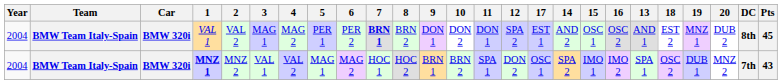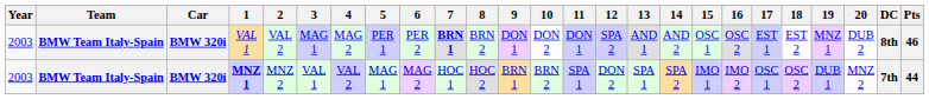 <table class="wikitable" style="text-align:center; font-size:85%">
 <tr>
 <th>Year</th>
 <th>Team</th>
 <th>Car</th>
 <th>1</th>
 <th>2</th>
 <th>3</th>
 <th>4</th>
 <th>5</th>
 <th>6</th>
 <th>7</th>
 <th>8</th>
 <th>9</th>
 <th>10</th>
 <th>11</th>
 <th>12</th>
-<th>17</th>
+<th>13</th>
 <th>14</th>
 <th>15</th>
 <th>16</th>
-<th>13</th>
+<th>17</th>
 <th>18</th>
 <th>19</th>
 <th>20</th>
 <th>DC</th>
 <th>Pts</th>
 </tr>
 <tr>
-<td><a href='#'>2004</a></td>
+<td><a href='#'>2003</a></td>
 <th nowrap><a href='#'>BMW Team Italy-Spain</a></th>
 <th nowrap><a href='#'>BMW 320i</a></th>
 <td style="background:#ffdf9f;"><em><a href='#'>VAL<br>1</a></em><br></td>
 <td style="background:#dfffdf;"><a href='#'>VAL<br>2</a><br></td>
 <td style="background:#cfcfff;"><a href='#'>MAG<br>1</a><br></td>
 <td style="background:#dfffdf;"><a href='#'>MAG<br>2</a><br></td>
 <td style="background:#cfcfff;"><a href='#'>PER<br>1</a><br></td>
 <td style="background:#dfffdf;"><a href='#'>PER<br>2</a><br></td>
 <td style="background:#dfdfdf;"><strong><a href='#'>BRN<br>1</a></strong><br></td>
 <td style="background:#dfffdf;"><a href='#'>BRN<br>2</a><br></td>
 <td style="background:#efcfff;"><a href='#'>DON<br>1</a><br></td>
 <td style="background:#ffffff;"><a href='#'>DON<br>2</a><br></td>
 <td style="background:#cfcfff;"><a href='#'>DON<br>1</a><br></td>
 <td style="background:#cfcfff;"><a href='#'>SPA<br>2</a><br></td>
-<td style="background:#cfcfff;"><a href='#'>EST<br>1</a><br></td>
+<td style="background:#dfdfdf;"><a href='#'>AND<br>1</a><br></td>
 <td style="background:#dfffdf;"><a href='#'>AND<br>2</a><br></td>
 <td style="background:#dfffdf;"><a href='#'>OSC<br>1</a><br></td>
 <td style="background:#dfdfdf;"><a href='#'>OSC<br>2</a><br></td>
-<td style="background:#dfdfdf;"><a href='#'>AND<br>1</a><br></td>
+<td style="background:#cfcfff;"><a href='#'>EST<br>1</a><br></td>
 <td style="background:#ffffff;"><a href='#'>EST<br>2</a><br></td>
 <td style="background:#efcfff;"><a href='#'>MNZ<br>1</a><br></td>
 <td style="background:#ffffff;"><a href='#'>DUB<br>2</a><br></td>
 <th>8th</th>
-<th>45</th>
+<th>46</th>
 </tr>
 <tr>
-<td><a href='#'>2004</a></td>
+<td><a href='#'>2003</a></td>
 <th nowrap><a href='#'>BMW Team Italy-Spain</a></th>
 <th nowrap><a href='#'>BMW 320i</a></th>
 <td style="background:#cfcfff;"><strong><a href='#'>MNZ<br>1</a><br></strong></td>
 <td style="background:#dfffdf;"><a href='#'>MNZ<br>2</a><br></td>
 <td style="background:#dfffdf;"><a href='#'>VAL<br>1</a><br></td>
 <td style="background:#cfcfff;"><a href='#'>VAL<br>2</a><br></td>
 <td style="background:#dfffdf;"><a href='#'>MAG<br>1</a><br></td>
 <td style="background:#efcfff;"><a href='#'>MAG<br>2</a><br></td>
 <td style="background:#dfffdf;"><a href='#'>HOC<br>1</a><br></td>
 <td style="background:#dfdfdf;"><a href='#'>HOC<br>2</a><br></td>
 <td style="background:#ffdf9f;"><a href='#'>BRN<br>1</a><br></td>
 <td style="background:#dfffdf;"><a href='#'>BRN<br>2</a><br></td>
 <td style="background:#cfcfff;"><a href='#'>SPA<br>1</a><br></td>
 <td style="background:#dfffdf;"><a href='#'>DON<br>2</a><br></td>
-<td style="background:#cfcfff;"><a href='#'>OSC<br>1</a><br></td>
+<td style="background:#dfffdf;"><a href='#'>SPA<br>1</a><br></td>
 <td style="background:#ffdf9f;"><a href='#'>SPA<br>2</a><br></td>
 <td style="background:#cfcfff;"><a href='#'>IMO<br>1</a><br></td>
 <td style="background:#efcfff;"><a href='#'>IMO<br>2</a><br></td>
-<td style="background:#dfffdf;"><a href='#'>SPA<br>1</a><br></td>
+<td style="background:#cfcfff;"><a href='#'>OSC<br>1</a><br></td>
 <td style="background:#efcfff;"><a href='#'>OSC<br>2</a><br></td>
 <td style="background:#cfcfff;"><a href='#'>DUB<br>1</a><br></td>
 <td style="background:#ffffff;"><a href='#'>MNZ<br>2</a><br></td>
 <th>7th</th>
-<th>43</th>
+<th>44</th>
 </tr>
 </table>
